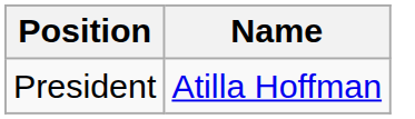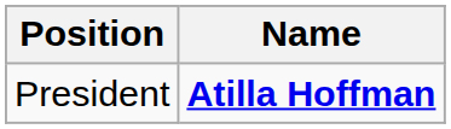 <table class="wikitable">
 <tr>
 <th>Position</th>
 <th>Name</th>
 </tr>
 <tr>
 <td>President</td>
-<td> <a href='#'>Atilla Hoffman</a></td>
+<td><strong> <a href='#'>Atilla Hoffman</a></strong></td>
 </tr>
 </table>
